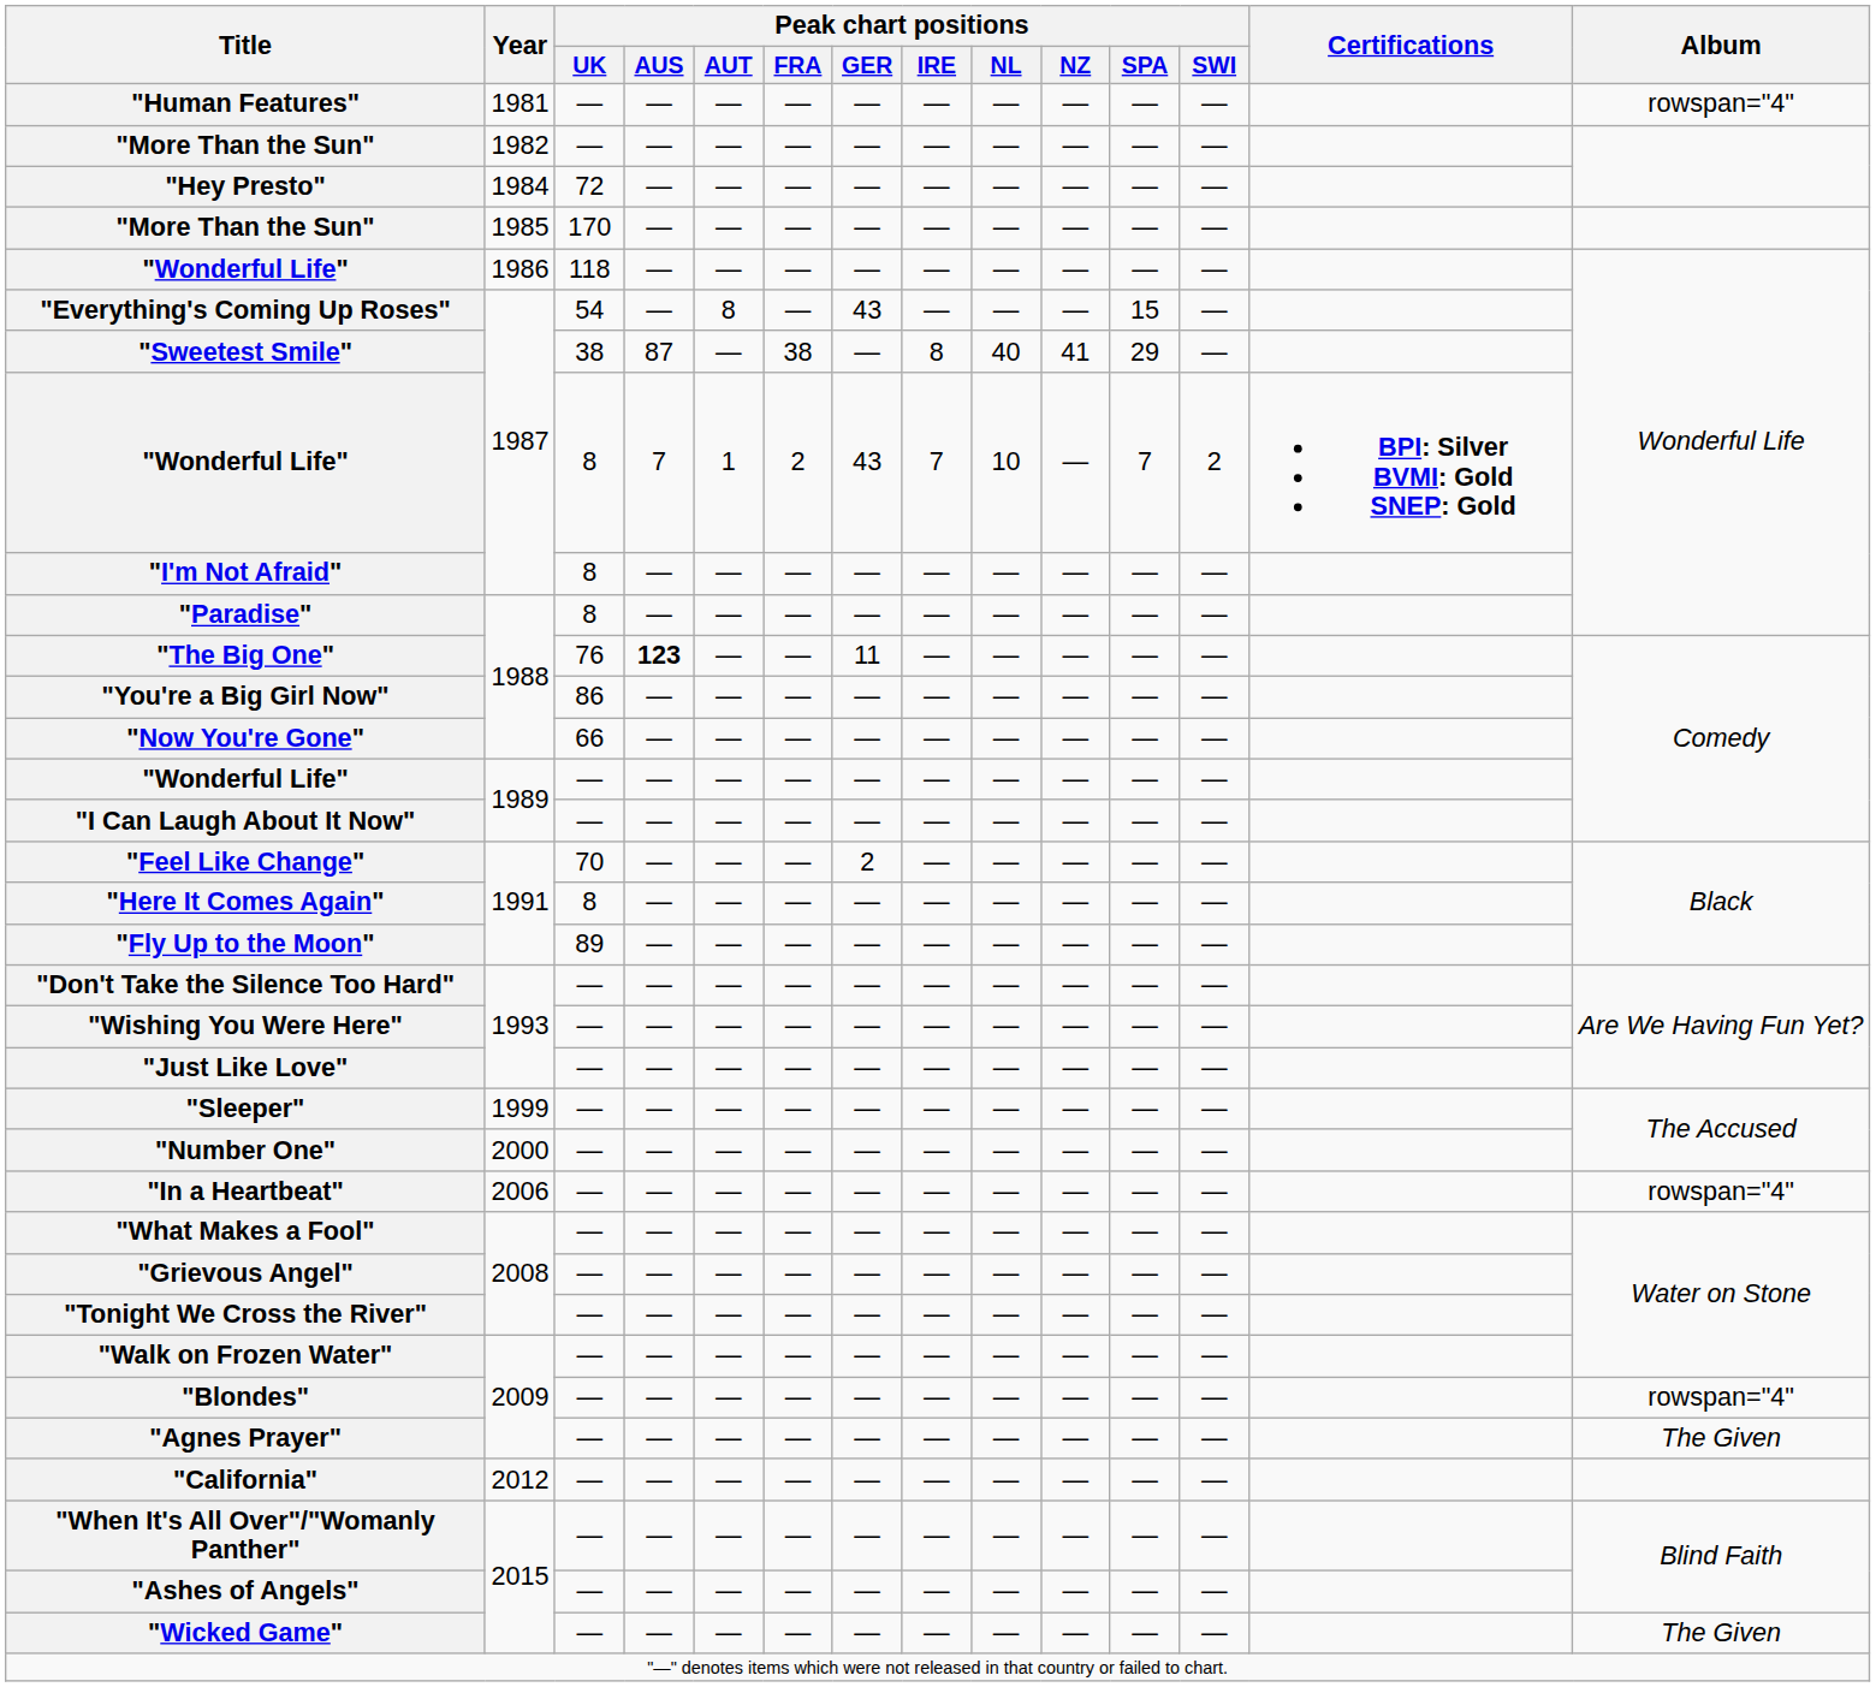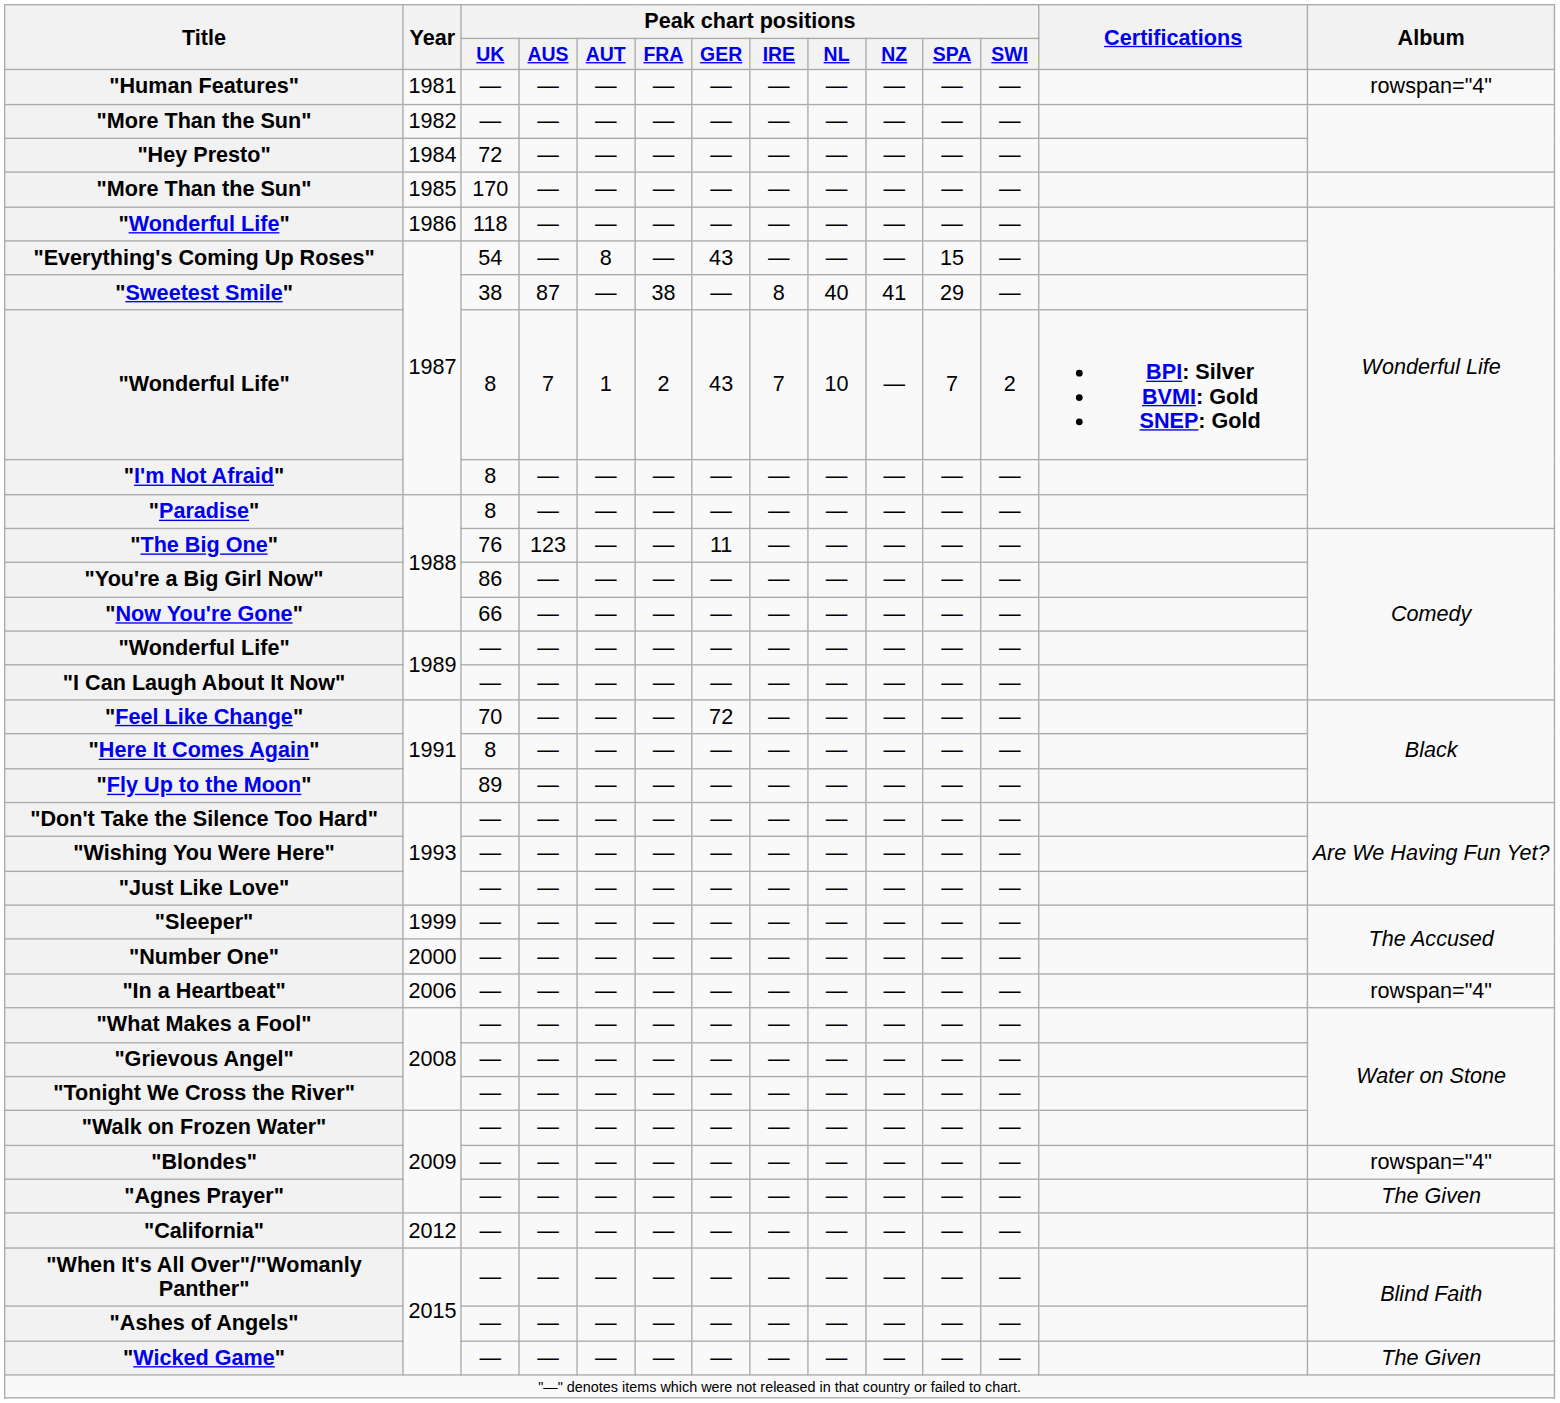 <table class="wikitable plainrowheaders" style="text-align:center;">
 <tr>
 <th rowspan="2" scope="col" style="width:18em;">Title</th>
 <th rowspan="2" scope="col">Year</th>
 <th colspan="10" scope="col">Peak chart positions</th>
 <th rowspan="2" scope="col" style="width:12em;"><a href='#'>Certifications</a></th>
 <th rowspan="2" scope="col">Album</th>
 </tr>
 <tr>
 <th style="width:2.5em;font-size:90%"><a href='#'>UK</a><br></th>
 <th style="width:2.5em;font-size:90%"><a href='#'>AUS</a><br></th>
 <th style="width:2.5em;font-size:90%"><a href='#'>AUT</a><br></th>
 <th style="width:2.5em;font-size:90%"><a href='#'>FRA</a><br></th>
 <th style="width:2.5em;font-size:90%"><a href='#'>GER</a><br></th>
 <th style="width:2.5em;font-size:90%"><a href='#'>IRE</a><br></th>
 <th style="width:2.5em;font-size:90%"><a href='#'>NL</a><br></th>
 <th style="width:2.5em;font-size:90%"><a href='#'>NZ</a><br></th>
 <th style="width:2.5em;font-size:90%"><a href='#'>SPA</a><br></th>
 <th style="width:2.5em;font-size:90%"><a href='#'>SWI</a><br></th>
 </tr>
 <tr>
 <th scope="row">"Human Features"</th>
 <td>1981</td>
 <td>—</td>
 <td>—</td>
 <td>—</td>
 <td>—</td>
 <td>—</td>
 <td>—</td>
 <td>—</td>
 <td>—</td>
 <td>—</td>
 <td>—</td>
 <td></td>
 <td>rowspan="4" </td>
 </tr>
 <tr>
 <th scope="row">"More Than the Sun"</th>
 <td>1982</td>
 <td>—</td>
 <td>—</td>
 <td>—</td>
 <td>—</td>
 <td>—</td>
 <td>—</td>
 <td>—</td>
 <td>—</td>
 <td>—</td>
 <td>—</td>
 <td></td>
 </tr>
 <tr>
 <th scope="row">"Hey Presto"</th>
 <td>1984</td>
 <td>72</td>
 <td>—</td>
 <td>—</td>
 <td>—</td>
 <td>—</td>
 <td>—</td>
 <td>—</td>
 <td>—</td>
 <td>—</td>
 <td>—</td>
 <td></td>
 </tr>
 <tr>
 <th scope="row">"More Than the Sun" </th>
 <td>1985</td>
 <td>170</td>
 <td>—</td>
 <td>—</td>
 <td>—</td>
 <td>—</td>
 <td>—</td>
 <td>—</td>
 <td>—</td>
 <td>—</td>
 <td>—</td>
 <td></td>
 <td></td>
 </tr>
 <tr>
 <th scope="row">"<a href='#'>Wonderful Life</a>"</th>
 <td>1986</td>
 <td>118</td>
 <td>—</td>
 <td>—</td>
 <td>—</td>
 <td>—</td>
 <td>—</td>
 <td>—</td>
 <td>—</td>
 <td>—</td>
 <td>—</td>
 <td></td>
 <td rowspan="6"><em>Wonderful Life</em></td>
 </tr>
 <tr>
 <th scope="row">"Everything's Coming Up Roses"</th>
 <td rowspan="4">1987</td>
 <td>54</td>
 <td>—</td>
 <td>8</td>
 <td>—</td>
 <td>43</td>
 <td>—</td>
 <td>—</td>
 <td>—</td>
 <td>15</td>
 <td>—</td>
 <td></td>
 </tr>
 <tr>
 <th scope="row">"<a href='#'>Sweetest Smile</a>"</th>
 <td>38</td>
 <td>87</td>
 <td>—</td>
 <td>38</td>
 <td>—</td>
 <td>8</td>
 <td>40</td>
 <td>41</td>
 <td>29</td>
 <td>—</td>
 <td></td>
 </tr>
 <tr>
 <th scope="row">"Wonderful Life" </th>
 <td>8</td>
 <td>7</td>
 <td>1</td>
 <td>2</td>
 <td>43</td>
 <td>7</td>
 <td>10</td>
 <td>—</td>
 <td>7</td>
 <td>2</td>
 <td><strong><br><ul><li><a href='#'>BPI</a>: Silver</li><li><a href='#'>BVMI</a>: Gold</li><li><a href='#'>SNEP</a>: Gold</li></ul></strong></td>
 </tr>
 <tr>
 <th scope="row">"<a href='#'>I'm Not Afraid</a>"</th>
 <td>8</td>
 <td>—</td>
 <td>—</td>
 <td>—</td>
 <td>—</td>
 <td>—</td>
 <td>—</td>
 <td>—</td>
 <td>—</td>
 <td>—</td>
 <td></td>
 </tr>
 <tr>
 <th scope="row">"<a href='#'>Paradise</a>"</th>
 <td rowspan="4">1988</td>
 <td>8</td>
 <td>—</td>
 <td>—</td>
 <td>—</td>
 <td>—</td>
 <td>—</td>
 <td>—</td>
 <td>—</td>
 <td>—</td>
 <td>—</td>
 <td></td>
 </tr>
 <tr>
 <th scope="row">"<a href='#'>The Big One</a>"</th>
 <td>76</td>
-<td><strong>123</strong></td>
+<td>123</td>
 <td>—</td>
 <td>—</td>
 <td>11</td>
 <td>—</td>
 <td>—</td>
 <td>—</td>
 <td>—</td>
 <td>—</td>
 <td></td>
 <td rowspan="5"><em>Comedy</em></td>
 </tr>
 <tr>
 <th scope="row">"You're a Big Girl Now"</th>
 <td>86</td>
 <td>—</td>
 <td>—</td>
 <td>—</td>
 <td>—</td>
 <td>—</td>
 <td>—</td>
 <td>—</td>
 <td>—</td>
 <td>—</td>
 <td></td>
 </tr>
 <tr>
 <th scope="row">"<a href='#'>Now You're Gone</a>"</th>
 <td>66</td>
 <td>—</td>
 <td>—</td>
 <td>—</td>
 <td>—</td>
 <td>—</td>
 <td>—</td>
 <td>—</td>
 <td>—</td>
 <td>—</td>
 <td></td>
 </tr>
 <tr>
 <th scope="row">"Wonderful Life" </th>
 <td rowspan="2">1989</td>
 <td>—</td>
 <td>—</td>
 <td>—</td>
 <td>—</td>
 <td>—</td>
 <td>—</td>
 <td>—</td>
 <td>—</td>
 <td>—</td>
 <td>—</td>
 <td></td>
 </tr>
 <tr>
 <th scope="row">"I Can Laugh About It Now" </th>
 <td>—</td>
 <td>—</td>
 <td>—</td>
 <td>—</td>
 <td>—</td>
 <td>—</td>
 <td>—</td>
 <td>—</td>
 <td>—</td>
 <td>—</td>
 <td></td>
 </tr>
 <tr>
 <th scope="row">"<a href='#'>Feel Like Change</a>"</th>
 <td rowspan="3">1991</td>
 <td>70</td>
 <td>—</td>
 <td>—</td>
 <td>—</td>
-<td>2</td>
+<td>72</td>
 <td>—</td>
 <td>—</td>
 <td>—</td>
 <td>—</td>
 <td>—</td>
 <td></td>
 <td rowspan="3"><em>Black</em></td>
 </tr>
 <tr>
 <th scope="row">"<a href='#'>Here It Comes Again</a>"</th>
 <td>8</td>
 <td>—</td>
 <td>—</td>
 <td>—</td>
 <td>—</td>
 <td>—</td>
 <td>—</td>
 <td>—</td>
 <td>—</td>
 <td>—</td>
 <td></td>
 </tr>
 <tr>
 <th scope="row">"<a href='#'>Fly Up to the Moon</a>" </th>
 <td>89</td>
 <td>—</td>
 <td>—</td>
 <td>—</td>
 <td>—</td>
 <td>—</td>
 <td>—</td>
 <td>—</td>
 <td>—</td>
 <td>—</td>
 <td></td>
 </tr>
 <tr>
 <th scope="row">"Don't Take the Silence Too Hard"</th>
 <td rowspan="3">1993</td>
 <td>—</td>
 <td>—</td>
 <td>—</td>
 <td>—</td>
 <td>—</td>
 <td>—</td>
 <td>—</td>
 <td>—</td>
 <td>—</td>
 <td>—</td>
 <td></td>
 <td rowspan="3"><em>Are We Having Fun Yet?</em></td>
 </tr>
 <tr>
 <th scope="row">"Wishing You Were Here"</th>
 <td>—</td>
 <td>—</td>
 <td>—</td>
 <td>—</td>
 <td>—</td>
 <td>—</td>
 <td>—</td>
 <td>—</td>
 <td>—</td>
 <td>—</td>
 <td></td>
 </tr>
 <tr>
 <th scope="row">"Just Like Love"</th>
 <td>—</td>
 <td>—</td>
 <td>—</td>
 <td>—</td>
 <td>—</td>
 <td>—</td>
 <td>—</td>
 <td>—</td>
 <td>—</td>
 <td>—</td>
 <td></td>
 </tr>
 <tr>
 <th scope="row">"Sleeper" </th>
 <td>1999</td>
 <td>—</td>
 <td>—</td>
 <td>—</td>
 <td>—</td>
 <td>—</td>
 <td>—</td>
 <td>—</td>
 <td>—</td>
 <td>—</td>
 <td>—</td>
 <td></td>
 <td rowspan="2"><em>The Accused</em></td>
 </tr>
 <tr>
 <th scope="row">"Number One" </th>
 <td>2000</td>
 <td>—</td>
 <td>—</td>
 <td>—</td>
 <td>—</td>
 <td>—</td>
 <td>—</td>
 <td>—</td>
 <td>—</td>
 <td>—</td>
 <td>—</td>
 <td></td>
 </tr>
 <tr>
 <th scope="row">"In a Heartbeat" </th>
 <td>2006</td>
 <td>—</td>
 <td>—</td>
 <td>—</td>
 <td>—</td>
 <td>—</td>
 <td>—</td>
 <td>—</td>
 <td>—</td>
 <td>—</td>
 <td>—</td>
 <td></td>
 <td>rowspan="4" </td>
 </tr>
 <tr>
 <th scope="row">"What Makes a Fool"</th>
 <td rowspan="3">2008</td>
 <td>—</td>
 <td>—</td>
 <td>—</td>
 <td>—</td>
 <td>—</td>
 <td>—</td>
 <td>—</td>
 <td>—</td>
 <td>—</td>
 <td>—</td>
 <td></td>
 <td rowspan="4"><em>Water on Stone</em></td>
 </tr>
 <tr>
 <th scope="row">"Grievous Angel"</th>
 <td>—</td>
 <td>—</td>
 <td>—</td>
 <td>—</td>
 <td>—</td>
 <td>—</td>
 <td>—</td>
 <td>—</td>
 <td>—</td>
 <td>—</td>
 <td></td>
 </tr>
 <tr>
 <th scope="row">"Tonight We Cross the River"</th>
 <td>—</td>
 <td>—</td>
 <td>—</td>
 <td>—</td>
 <td>—</td>
 <td>—</td>
 <td>—</td>
 <td>—</td>
 <td>—</td>
 <td>—</td>
 <td></td>
 </tr>
 <tr>
 <th scope="row">"Walk on Frozen Water"</th>
 <td rowspan="3">2009</td>
 <td>—</td>
 <td>—</td>
 <td>—</td>
 <td>—</td>
 <td>—</td>
 <td>—</td>
 <td>—</td>
 <td>—</td>
 <td>—</td>
 <td>—</td>
 <td></td>
 </tr>
 <tr>
 <th scope="row">"Blondes"</th>
 <td>—</td>
 <td>—</td>
 <td>—</td>
 <td>—</td>
 <td>—</td>
 <td>—</td>
 <td>—</td>
 <td>—</td>
 <td>—</td>
 <td>—</td>
 <td></td>
 <td>rowspan="4" </td>
 </tr>
 <tr>
 <th scope="row">"Agnes Prayer"</th>
 <td>—</td>
 <td>—</td>
 <td>—</td>
 <td>—</td>
 <td>—</td>
 <td>—</td>
 <td>—</td>
 <td>—</td>
 <td>—</td>
 <td>—</td>
 <td></td>
 <td><em>The Given</em></td>
 </tr>
 <tr>
 <th scope="row">"California"</th>
 <td>2012</td>
 <td>—</td>
 <td>—</td>
 <td>—</td>
 <td>—</td>
 <td>—</td>
 <td>—</td>
 <td>—</td>
 <td>—</td>
 <td>—</td>
 <td>—</td>
 <td></td>
 </tr>
 <tr>
 <th scope="row">"When It's All Over"/"Womanly Panther"</th>
 <td rowspan="3">2015</td>
 <td>—</td>
 <td>—</td>
 <td>—</td>
 <td>—</td>
 <td>—</td>
 <td>—</td>
 <td>—</td>
 <td>—</td>
 <td>—</td>
 <td>—</td>
 <td></td>
 <td rowspan="2"><em>Blind Faith</em></td>
 </tr>
 <tr>
 <th scope="row">"Ashes of Angels"</th>
 <td>—</td>
 <td>—</td>
 <td>—</td>
 <td>—</td>
 <td>—</td>
 <td>—</td>
 <td>—</td>
 <td>—</td>
 <td>—</td>
 <td>—</td>
 <td></td>
 </tr>
 <tr>
 <th scope="row">"<a href='#'>Wicked Game</a>"</th>
 <td>—</td>
 <td>—</td>
 <td>—</td>
 <td>—</td>
 <td>—</td>
 <td>—</td>
 <td>—</td>
 <td>—</td>
 <td>—</td>
 <td>—</td>
 <td></td>
 <td><em>The Given</em></td>
 </tr>
 <tr>
 <td colspan="14" style="font-size:8pt">"—" denotes items which were not released in that country or failed to chart.</td>
 </tr>
 </table>
